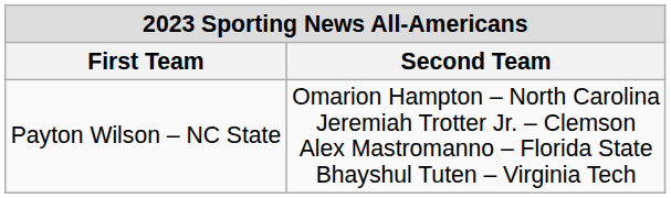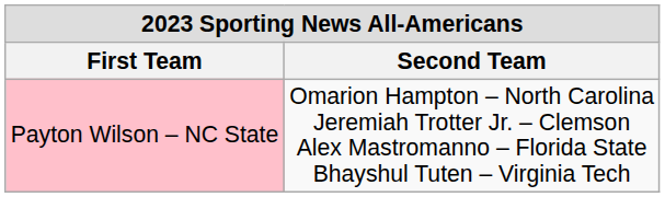 <table class="wikitable" style="white-space:nowrap; text-align:center; font-size:90%;">
 <tr>
 <td colspan="7" style="text-align:center; background:#ddd;"><strong>2023 Sporting News All-Americans</strong></td>
 </tr>
 <tr>
 <th>First Team</th>
 <th>Second Team</th>
 </tr>
 <tr>
-<td>Payton Wilson – NC State</td>
+<td style="background: pink;">Payton Wilson – NC State</td>
 <td>Omarion Hampton – North Carolina<br>Jeremiah Trotter Jr. – Clemson<br>Alex Mastromanno – Florida State<br>Bhayshul Tuten – Virginia Tech</td>
 </tr>
 </table>
